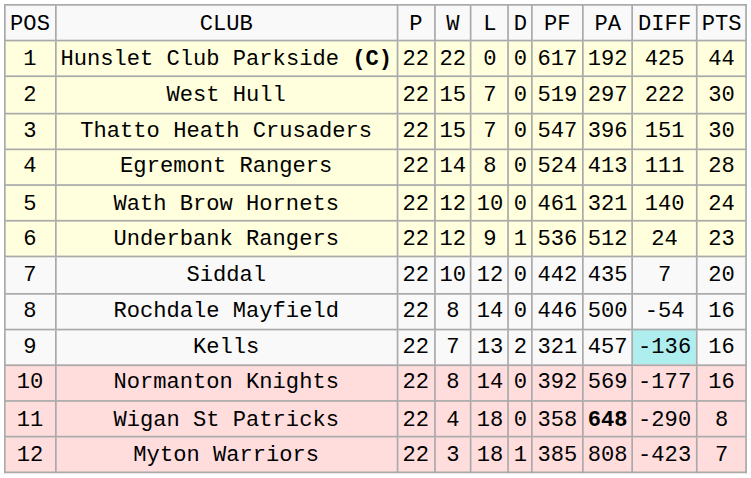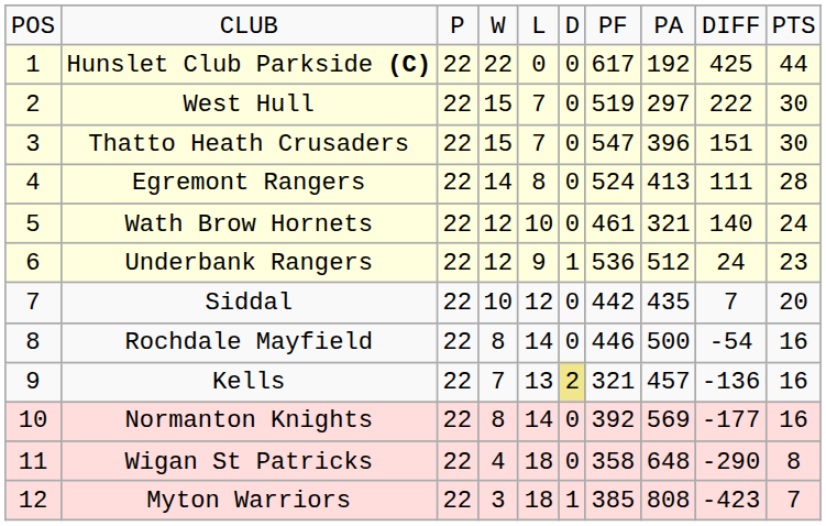 <table class="wikitable" style="text-align: center;">
 <tr>
 <td>POS</td>
 <td>CLUB</td>
 <td>P</td>
 <td>W</td>
 <td>L</td>
 <td>D</td>
 <td>PF</td>
 <td>PA</td>
 <td>DIFF</td>
 <td>PTS</td>
 </tr>
 <tr style="background:#ffffdd;">
 <td>1</td>
 <td>Hunslet Club Parkside <strong>(C)</strong></td>
 <td>22</td>
 <td>22</td>
 <td>0</td>
 <td>0</td>
 <td>617</td>
 <td>192</td>
 <td>425</td>
 <td>44</td>
 </tr>
 <tr style="background:#ffffdd;">
 <td>2</td>
 <td>West Hull</td>
 <td>22</td>
 <td>15</td>
 <td>7</td>
 <td>0</td>
 <td>519</td>
 <td>297</td>
 <td>222</td>
 <td>30</td>
 </tr>
 <tr style="background:#ffffdd;">
 <td>3</td>
 <td>Thatto Heath Crusaders</td>
 <td>22</td>
 <td>15</td>
 <td>7</td>
 <td>0</td>
 <td>547</td>
 <td>396</td>
 <td>151</td>
 <td>30</td>
 </tr>
 <tr style="background:#ffffdd;">
 <td>4</td>
 <td>Egremont Rangers</td>
 <td>22</td>
 <td>14</td>
 <td>8</td>
 <td>0</td>
 <td>524</td>
 <td>413</td>
 <td>111</td>
 <td>28</td>
 </tr>
 <tr style="background:#ffffdd;">
 <td>5</td>
 <td>Wath Brow Hornets</td>
 <td>22</td>
 <td>12</td>
 <td>10</td>
 <td>0</td>
 <td>461</td>
 <td>321</td>
 <td>140</td>
 <td>24</td>
 </tr>
 <tr style="background:#ffffdd;">
 <td>6</td>
 <td>Underbank Rangers</td>
 <td>22</td>
 <td>12</td>
 <td>9</td>
 <td>1</td>
 <td>536</td>
 <td>512</td>
 <td>24</td>
 <td>23</td>
 </tr>
 <tr>
 <td>7</td>
 <td>Siddal</td>
 <td>22</td>
 <td>10</td>
 <td>12</td>
 <td>0</td>
 <td>442</td>
 <td>435</td>
 <td>7</td>
 <td>20</td>
 </tr>
 <tr>
 <td>8</td>
 <td>Rochdale Mayfield</td>
 <td>22</td>
 <td>8</td>
 <td>14</td>
 <td>0</td>
 <td>446</td>
 <td>500</td>
 <td>-54</td>
 <td>16</td>
 </tr>
 <tr>
 <td>9</td>
 <td>Kells</td>
 <td>22</td>
 <td>7</td>
 <td>13</td>
-<td>2</td>
+<td style="background: khaki;">2</td>
 <td>321</td>
 <td>457</td>
-<td style="background: paleturquoise;">-136</td>
+<td>-136</td>
 <td>16</td>
 </tr>
 <tr style="background:#ffdddd;">
 <td>10</td>
 <td>Normanton Knights</td>
 <td>22</td>
 <td>8</td>
 <td>14</td>
 <td>0</td>
 <td>392</td>
 <td>569</td>
 <td>-177</td>
 <td>16</td>
 </tr>
 <tr style="background:#ffdddd;">
 <td>11</td>
 <td>Wigan St Patricks</td>
 <td>22</td>
 <td>4</td>
 <td>18</td>
 <td>0</td>
 <td>358</td>
-<td><strong>648</strong></td>
+<td>648</td>
 <td>-290</td>
 <td>8</td>
 </tr>
 <tr style="background:#ffdddd;">
 <td>12</td>
 <td>Myton Warriors</td>
 <td>22</td>
 <td>3</td>
 <td>18</td>
 <td>1</td>
 <td>385</td>
 <td>808</td>
 <td>-423</td>
 <td>7</td>
 </tr>
 </table>
